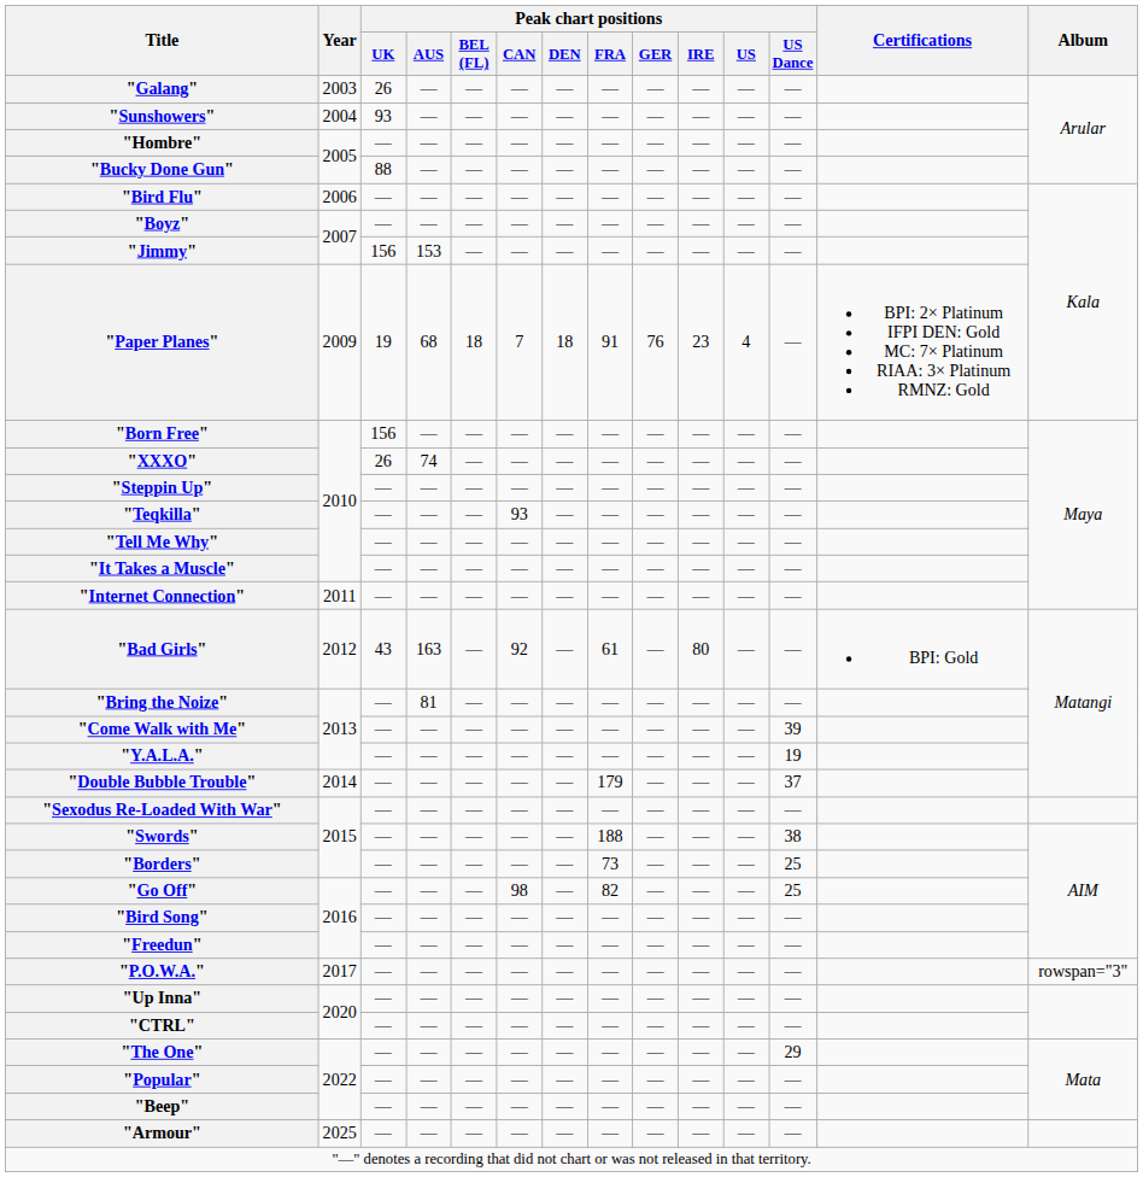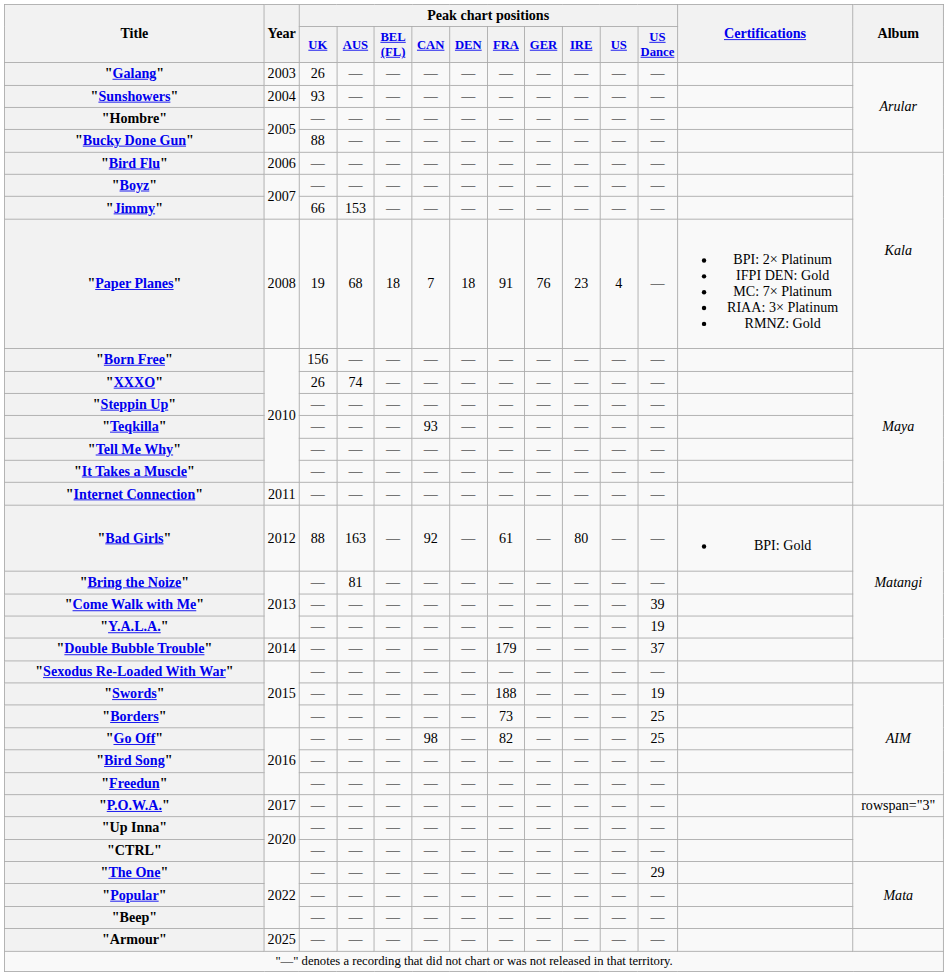 <table class="wikitable plainrowheaders" style="text-align:center;">
 <tr>
 <th scope="col" rowspan="2" style="width:18em;">Title</th>
 <th scope="col" rowspan="2" style="width:1em;">Year</th>
 <th scope="col" colspan="10">Peak chart positions</th>
 <th scope="col" rowspan="2" style="width:12em;"><a href='#'>Certifications</a></th>
 <th scope="col" rowspan="2" style="width:6em;">Album</th>
 </tr>
 <tr>
 <th scope="col" style="width:2.5em;font-size:90%;"><a href='#'>UK</a><br></th>
 <th scope="col" style="width:2.5em;font-size:90%;"><a href='#'>AUS</a><br></th>
 <th scope="col" style="width:2.5em;font-size:90%;"><a href='#'>BEL<br>(FL)</a><br></th>
 <th scope="col" style="width:2.5em;font-size:90%;"><a href='#'>CAN</a><br></th>
 <th scope="col" style="width:2.5em;font-size:90%;"><a href='#'>DEN</a><br></th>
 <th scope="col" style="width:2.5em;font-size:90%;"><a href='#'>FRA</a><br></th>
 <th scope="col" style="width:2.5em;font-size:90%;"><a href='#'>GER</a><br></th>
 <th scope="col" style="width:2.5em;font-size:90%;"><a href='#'>IRE</a><br></th>
 <th scope="col" style="width:2.5em;font-size:90%;"><a href='#'>US</a><br></th>
 <th scope="col" style="width:2.5em;font-size:90%;"><a href='#'>US<br>Dance</a><br></th>
 </tr>
 <tr>
 <th scope="row">"<a href='#'>Galang</a>"</th>
 <td>2003</td>
 <td>26</td>
 <td>—</td>
 <td>—</td>
 <td>—</td>
 <td>—</td>
 <td>—</td>
 <td>—</td>
 <td>—</td>
 <td>—</td>
 <td>—</td>
 <td></td>
 <td rowspan="4"><em>Arular</em></td>
 </tr>
 <tr>
 <th scope="row">"<a href='#'>Sunshowers</a>"</th>
 <td>2004</td>
 <td>93</td>
 <td>—</td>
 <td>—</td>
 <td>—</td>
 <td>—</td>
 <td>—</td>
 <td>—</td>
 <td>—</td>
 <td>—</td>
 <td>—</td>
 <td></td>
 </tr>
 <tr>
 <th scope="row">"Hombre"</th>
 <td rowspan="2">2005</td>
 <td>—</td>
 <td>—</td>
 <td>—</td>
 <td>—</td>
 <td>—</td>
 <td>—</td>
 <td>—</td>
 <td>—</td>
 <td>—</td>
 <td>—</td>
 <td></td>
 </tr>
 <tr>
 <th scope="row">"<a href='#'>Bucky Done Gun</a>"</th>
 <td>88</td>
 <td>—</td>
 <td>—</td>
 <td>—</td>
 <td>—</td>
 <td>—</td>
 <td>—</td>
 <td>—</td>
 <td>—</td>
 <td>—</td>
 <td></td>
 </tr>
 <tr>
 <th scope="row">"<a href='#'>Bird Flu</a>"</th>
 <td>2006</td>
 <td>—</td>
 <td>—</td>
 <td>—</td>
 <td>—</td>
 <td>—</td>
 <td>—</td>
 <td>—</td>
 <td>—</td>
 <td>—</td>
 <td>—</td>
 <td></td>
 <td rowspan="4"><em>Kala</em></td>
 </tr>
 <tr>
 <th scope="row">"<a href='#'>Boyz</a>"</th>
 <td rowspan="2">2007</td>
 <td>—</td>
 <td>—</td>
 <td>—</td>
 <td>—</td>
 <td>—</td>
 <td>—</td>
 <td>—</td>
 <td>—</td>
 <td>—</td>
 <td>—</td>
 <td></td>
 </tr>
 <tr>
 <th scope="row">"<a href='#'>Jimmy</a>"</th>
-<td>156</td>
+<td>66</td>
 <td>153</td>
 <td>—</td>
 <td>—</td>
 <td>—</td>
 <td>—</td>
 <td>—</td>
 <td>—</td>
 <td>—</td>
 <td>—</td>
 <td></td>
 </tr>
 <tr>
 <th scope="row">"<a href='#'>Paper Planes</a>"</th>
-<td>2009</td>
+<td>2008</td>
 <td>19</td>
 <td>68</td>
 <td>18</td>
 <td>7</td>
 <td>18</td>
 <td>91</td>
 <td>76</td>
 <td>23</td>
 <td>4</td>
 <td>—</td>
 <td><br><ul><li>BPI: 2× Platinum</li><li>IFPI DEN: Gold</li><li>MC: 7× Platinum</li><li>RIAA: 3× Platinum</li><li>RMNZ: Gold</li></ul></td>
 </tr>
 <tr>
 <th scope="row">"<a href='#'>Born Free</a>"</th>
 <td rowspan="6">2010</td>
 <td>156</td>
 <td>—</td>
 <td>—</td>
 <td>—</td>
 <td>—</td>
 <td>—</td>
 <td>—</td>
 <td>—</td>
 <td>—</td>
 <td>—</td>
 <td></td>
 <td rowspan="7"><em>Maya</em></td>
 </tr>
 <tr>
 <th scope="row">"<a href='#'>XXXO</a>"</th>
 <td>26</td>
 <td>74</td>
 <td>—</td>
 <td>—</td>
 <td>—</td>
 <td>—</td>
 <td>—</td>
 <td>—</td>
 <td>—</td>
 <td>—</td>
 <td></td>
 </tr>
 <tr>
 <th scope="row">"<a href='#'>Steppin Up</a>"</th>
 <td>—</td>
 <td>—</td>
 <td>—</td>
 <td>—</td>
 <td>—</td>
 <td>—</td>
 <td>—</td>
 <td>—</td>
 <td>—</td>
 <td>—</td>
 <td></td>
 </tr>
 <tr>
 <th scope="row">"<a href='#'>Teqkilla</a>"</th>
 <td>—</td>
 <td>—</td>
 <td>—</td>
 <td>93</td>
 <td>—</td>
 <td>—</td>
 <td>—</td>
 <td>—</td>
 <td>—</td>
 <td>—</td>
 <td></td>
 </tr>
 <tr>
 <th scope="row">"<a href='#'>Tell Me Why</a>"</th>
 <td>—</td>
 <td>—</td>
 <td>—</td>
 <td>—</td>
 <td>—</td>
 <td>—</td>
 <td>—</td>
 <td>—</td>
 <td>—</td>
 <td>—</td>
 <td></td>
 </tr>
 <tr>
 <th scope="row">"<a href='#'>It Takes a Muscle</a>"</th>
 <td>—</td>
 <td>—</td>
 <td>—</td>
 <td>—</td>
 <td>—</td>
 <td>—</td>
 <td>—</td>
 <td>—</td>
 <td>—</td>
 <td>—</td>
 <td></td>
 </tr>
 <tr>
 <th scope="row">"<a href='#'>Internet Connection</a>"</th>
 <td>2011</td>
 <td>—</td>
 <td>—</td>
 <td>—</td>
 <td>—</td>
 <td>—</td>
 <td>—</td>
 <td>—</td>
 <td>—</td>
 <td>—</td>
 <td>—</td>
 <td></td>
 </tr>
 <tr>
 <th scope="row">"<a href='#'>Bad Girls</a>"</th>
 <td>2012</td>
-<td>43</td>
+<td>88</td>
 <td>163</td>
 <td>—</td>
 <td>92</td>
 <td>—</td>
 <td>61</td>
 <td>—</td>
 <td>80</td>
 <td>—</td>
 <td>—</td>
 <td><br><ul><li>BPI: Gold</li></ul></td>
 <td rowspan="5"><em>Matangi</em></td>
 </tr>
 <tr>
 <th scope="row">"<a href='#'>Bring the Noize</a>"</th>
 <td rowspan="3">2013</td>
 <td>—</td>
 <td>81</td>
 <td>—</td>
 <td>—</td>
 <td>—</td>
 <td>—</td>
 <td>—</td>
 <td>—</td>
 <td>—</td>
 <td>—</td>
 <td></td>
 </tr>
 <tr>
 <th scope="row">"<a href='#'>Come Walk with Me</a>"</th>
 <td>—</td>
 <td>—</td>
 <td>—</td>
 <td>—</td>
 <td>—</td>
 <td>—</td>
 <td>—</td>
 <td>—</td>
 <td>—</td>
 <td>39</td>
 <td></td>
 </tr>
 <tr>
 <th scope="row">"<a href='#'>Y.A.L.A.</a>"</th>
 <td>—</td>
 <td>—</td>
 <td>—</td>
 <td>—</td>
 <td>—</td>
 <td>—</td>
 <td>—</td>
 <td>—</td>
 <td>—</td>
 <td>19</td>
 <td></td>
 </tr>
 <tr>
 <th scope="row">"<a href='#'>Double Bubble Trouble</a>"</th>
 <td>2014</td>
 <td>—</td>
 <td>—</td>
 <td>—</td>
 <td>—</td>
 <td>—</td>
 <td>179</td>
 <td>—</td>
 <td>—</td>
 <td>—</td>
 <td>37</td>
 <td></td>
 </tr>
 <tr>
 <th scope="row">"<a href='#'>Sexodus Re-Loaded With War</a>" <br> </th>
 <td rowspan="3">2015</td>
 <td>—</td>
 <td>—</td>
 <td>—</td>
 <td>—</td>
 <td>—</td>
 <td>—</td>
 <td>—</td>
 <td>—</td>
 <td>—</td>
 <td>—</td>
 <td></td>
 <td></td>
 </tr>
 <tr>
 <th scope="row">"<a href='#'>Swords</a>"</th>
 <td>—</td>
 <td>—</td>
 <td>—</td>
 <td>—</td>
 <td>—</td>
 <td>188</td>
 <td>—</td>
 <td>—</td>
 <td>—</td>
-<td>38</td>
+<td>19</td>
 <td></td>
 <td rowspan="5"><em>AIM</em></td>
 </tr>
 <tr>
 <th scope="row">"<a href='#'>Borders</a>"</th>
 <td>—</td>
 <td>—</td>
 <td>—</td>
 <td>—</td>
 <td>—</td>
 <td>73</td>
 <td>—</td>
 <td>—</td>
 <td>—</td>
 <td>25</td>
 <td></td>
 </tr>
 <tr>
 <th scope="row">"<a href='#'>Go Off</a>"</th>
 <td rowspan="3">2016</td>
 <td>—</td>
 <td>—</td>
 <td>—</td>
 <td>98</td>
 <td>—</td>
 <td>82</td>
 <td>—</td>
 <td>—</td>
 <td>—</td>
 <td>25</td>
 <td></td>
 </tr>
 <tr>
 <th scope="row">"<a href='#'>Bird Song</a>"</th>
 <td>—</td>
 <td>—</td>
 <td>—</td>
 <td>—</td>
 <td>—</td>
 <td>—</td>
 <td>—</td>
 <td>—</td>
 <td>—</td>
 <td>—</td>
 <td></td>
 </tr>
 <tr>
 <th scope="row">"<a href='#'>Freedun</a>"<br> </th>
 <td>—</td>
 <td>—</td>
 <td>—</td>
 <td>—</td>
 <td>—</td>
 <td>—</td>
 <td>—</td>
 <td>—</td>
 <td>—</td>
 <td>—</td>
 <td></td>
 </tr>
 <tr>
 <th scope="row">"<a href='#'>P.O.W.A.</a>"</th>
 <td>2017</td>
 <td>—</td>
 <td>—</td>
 <td>—</td>
 <td>—</td>
 <td>—</td>
 <td>—</td>
 <td>—</td>
 <td>—</td>
 <td>—</td>
 <td>—</td>
 <td></td>
 <td>rowspan="3" </td>
 </tr>
 <tr>
 <th scope="row">"Up Inna"<br></th>
 <td rowspan="2">2020</td>
 <td>—</td>
 <td>—</td>
 <td>—</td>
 <td>—</td>
 <td>—</td>
 <td>—</td>
 <td>—</td>
 <td>—</td>
 <td>—</td>
 <td>—</td>
 <td></td>
 </tr>
 <tr>
 <th scope="row">"CTRL"</th>
 <td>—</td>
 <td>—</td>
 <td>—</td>
 <td>—</td>
 <td>—</td>
 <td>—</td>
 <td>—</td>
 <td>—</td>
 <td>—</td>
 <td>—</td>
 <td></td>
 </tr>
 <tr>
 <th scope="row">"<a href='#'>The One</a>"</th>
 <td rowspan="3">2022</td>
 <td>—</td>
 <td>—</td>
 <td>—</td>
 <td>—</td>
 <td>—</td>
 <td>—</td>
 <td>—</td>
 <td>—</td>
 <td>—</td>
 <td>29</td>
 <td></td>
 <td rowspan="3"><em>Mata</em></td>
 </tr>
 <tr>
 <th scope="row">"<a href='#'>Popular</a>"</th>
 <td>—</td>
 <td>—</td>
 <td>—</td>
 <td>—</td>
 <td>—</td>
 <td>—</td>
 <td>—</td>
 <td>—</td>
 <td>—</td>
 <td>—</td>
 <td></td>
 </tr>
 <tr>
 <th scope="row">"Beep"</th>
 <td>—</td>
 <td>—</td>
 <td>—</td>
 <td>—</td>
 <td>—</td>
 <td>—</td>
 <td>—</td>
 <td>—</td>
 <td>—</td>
 <td>—</td>
 <td></td>
 </tr>
 <tr>
 <th scope="row">"Armour"</th>
 <td>2025</td>
 <td>—</td>
 <td>—</td>
 <td>—</td>
 <td>—</td>
 <td>—</td>
 <td>—</td>
 <td>—</td>
 <td>—</td>
 <td>—</td>
 <td>—</td>
 <td></td>
 <td></td>
 </tr>
 <tr>
 <td colspan="14" style="font-size:90%">"—" denotes a recording that did not chart or was not released in that territory.</td>
 </tr>
 </table>
